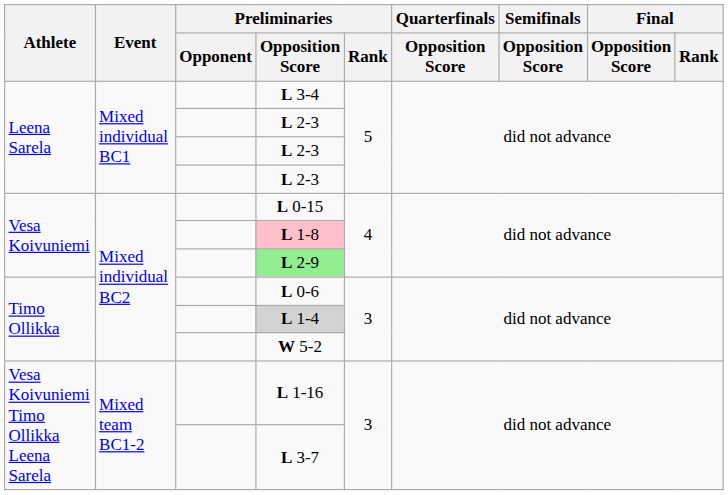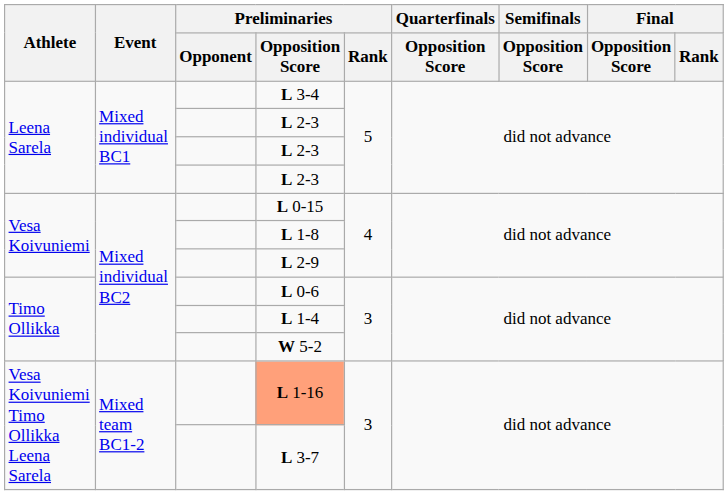 <table class=wikitable style="font-size:90%">
 <tr>
 <th rowspan="2">Athlete</th>
 <th rowspan="2">Event</th>
 <th colspan="3">Preliminaries</th>
 <th>Quarterfinals</th>
 <th>Semifinals</th>
 <th colspan="2">Final</th>
 </tr>
 <tr>
 <th>Opponent</th>
 <th>Opposition<br>Score</th>
 <th>Rank</th>
 <th>Opposition<br>Score</th>
 <th>Opposition<br>Score</th>
 <th>Opposition<br>Score</th>
 <th>Rank</th>
 </tr>
 <tr>
 <td rowspan="4"><a href='#'>Leena Sarela</a></td>
 <td rowspan="4"><a href='#'>Mixed individual BC1</a></td>
 <td align="left"></td>
 <td align="center"><strong>L</strong> 3-4</td>
 <td align="center" rowspan="4">5</td>
 <td align="center" rowspan="4" colspan="4">did not advance</td>
 </tr>
 <tr>
 <td align="left"></td>
 <td align="center"><strong>L</strong> 2-3</td>
 </tr>
 <tr>
 <td align="left"></td>
 <td align="center"><strong>L</strong> 2-3</td>
 </tr>
 <tr>
 <td align="left"></td>
 <td align="center"><strong>L</strong> 2-3</td>
 </tr>
 <tr>
 <td rowspan="3"><a href='#'>Vesa Koivuniemi</a></td>
 <td rowspan="6"><a href='#'>Mixed individual BC2</a></td>
 <td align="left"></td>
 <td align="center"><strong>L</strong> 0-15</td>
 <td align="center" rowspan="3">4</td>
 <td align="center" rowspan="3" colspan="4">did not advance</td>
 </tr>
 <tr>
 <td align="left"></td>
-<td align="center" style="background: pink;"><strong>L</strong> 1-8</td>
+<td align="center"><strong>L</strong> 1-8</td>
 </tr>
 <tr>
 <td align="left"></td>
-<td align="center" style="background: lightgreen;"><strong>L</strong> 2-9</td>
+<td align="center"><strong>L</strong> 2-9</td>
 </tr>
 <tr>
 <td rowspan="3"><a href='#'>Timo Ollikka</a></td>
 <td align="left"></td>
 <td align="center"><strong>L</strong> 0-6</td>
 <td align="center" rowspan="3">3</td>
 <td align="center" rowspan="3" colspan="4">did not advance</td>
 </tr>
 <tr>
 <td align="left"></td>
-<td align="center" style="background: lightgrey;"><strong>L</strong> 1-4</td>
+<td align="center"><strong>L</strong> 1-4</td>
 </tr>
 <tr>
 <td align="left"></td>
 <td align="center"><strong>W</strong> 5-2</td>
 </tr>
 <tr>
 <td rowspan="2"><a href='#'>Vesa Koivuniemi</a><br> <a href='#'>Timo Ollikka</a><br> <a href='#'>Leena Sarela</a></td>
 <td rowspan="2"><a href='#'>Mixed team BC1-2</a></td>
 <td align="left"></td>
-<td align="center"><strong>L</strong> 1-16</td>
+<td align="center" style="background: lightsalmon;"><strong>L</strong> 1-16</td>
 <td align="center" rowspan="2">3</td>
 <td align="center" rowspan="2" colspan="4">did not advance</td>
 </tr>
 <tr>
 <td align="left"></td>
 <td align="center"><strong>L</strong> 3-7</td>
 </tr>
 </table>
